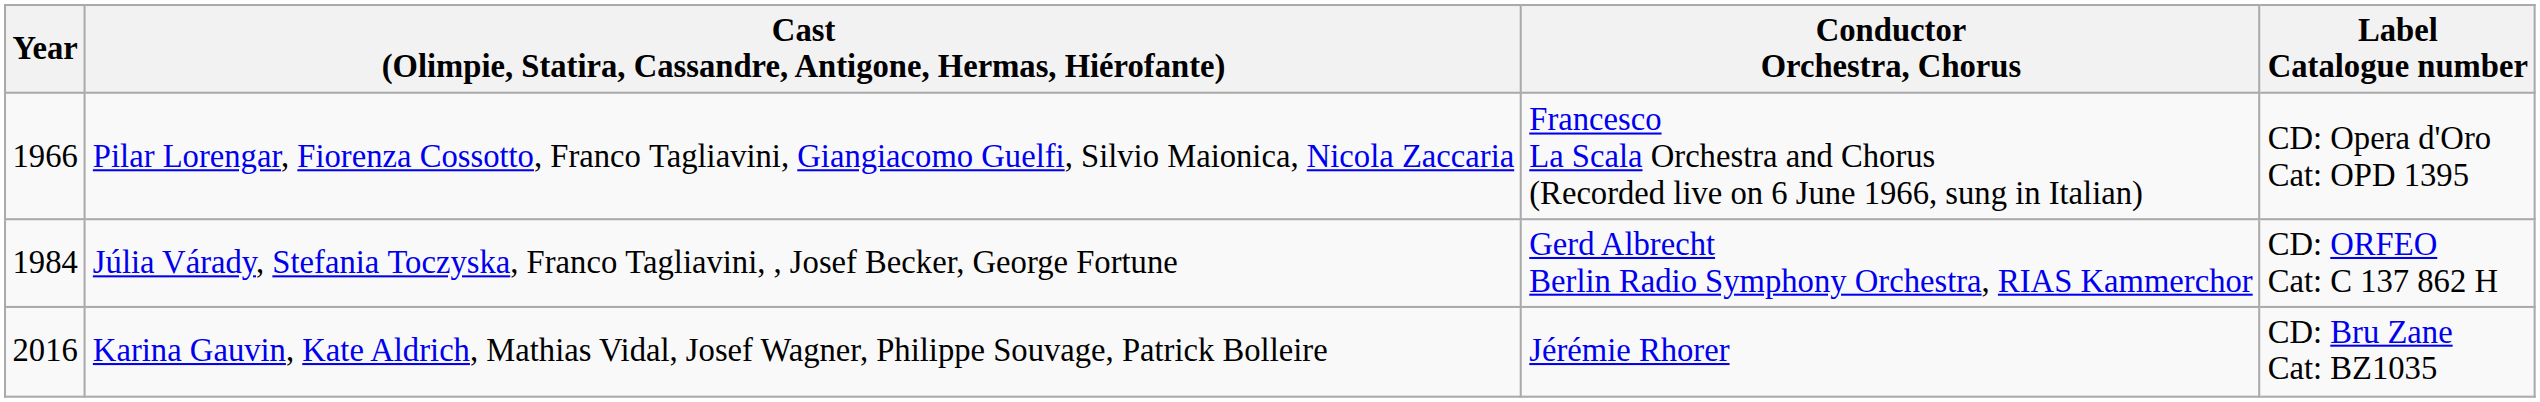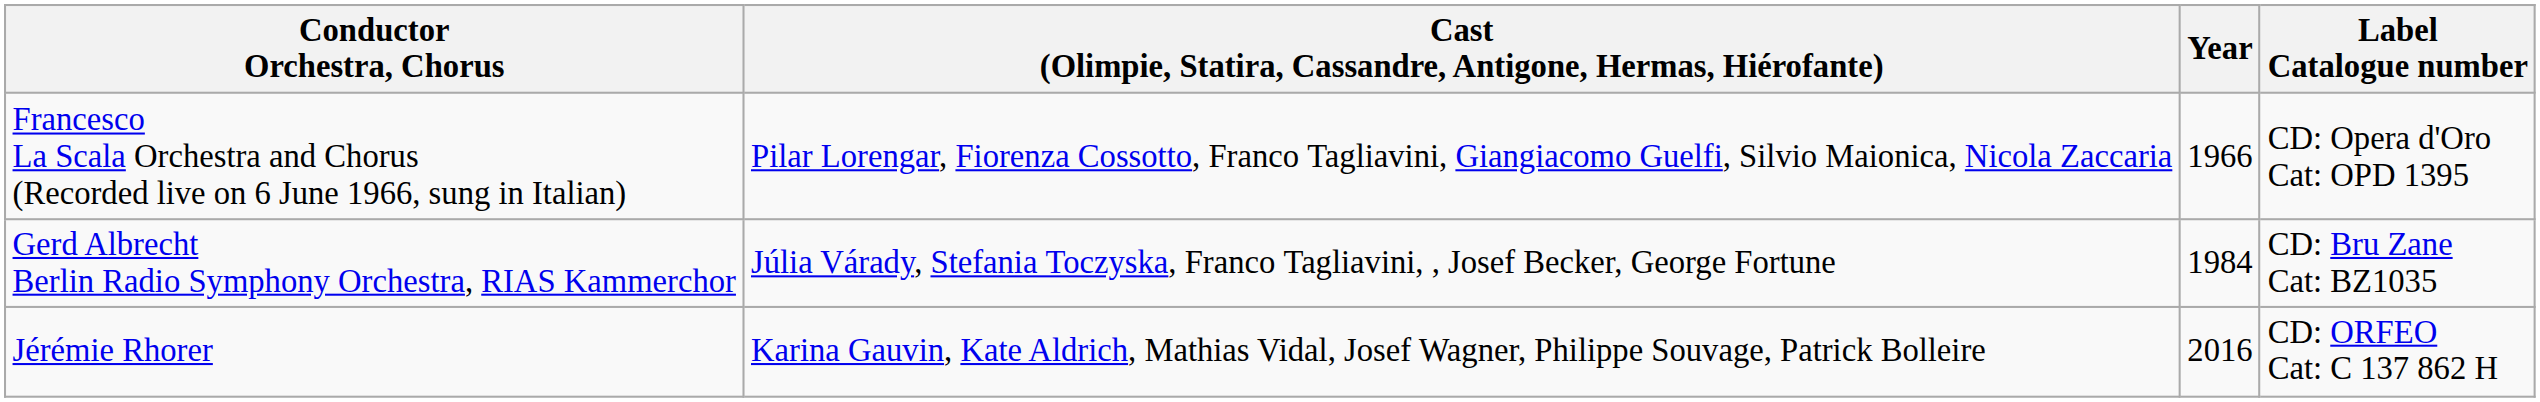 <table class="wikitable">
 <tr>
+<th>Conductor<br>Orchestra, Chorus</th>
+<th>Cast<br>(Olimpie, Statira, Cassandre, Antigone, Hermas, Hiérofante)</th>
 <th>Year</th>
-<th>Cast<br>(Olimpie, Statira, Cassandre, Antigone, Hermas, Hiérofante)</th>
-<th>Conductor<br>Orchestra, Chorus</th>
 <th>Label<br>Catalogue number</th>
 </tr>
 <tr>
+<td><a href='#'>Francesco </a><br><a href='#'>La Scala</a> Orchestra and Chorus<br>(Recorded live on 6 June 1966, sung in Italian)</td>
+<td><a href='#'>Pilar Lorengar</a>, <a href='#'>Fiorenza&nbsp;Cossotto</a>, Franco Tagliavini, <a href='#'>Giangiacomo Guelfi</a>, Silvio Maionica, <a href='#'>Nicola&nbsp;Zaccaria</a></td>
 <td>1966</td>
-<td><a href='#'>Pilar Lorengar</a>, <a href='#'>Fiorenza&nbsp;Cossotto</a>, Franco Tagliavini, <a href='#'>Giangiacomo Guelfi</a>, Silvio Maionica, <a href='#'>Nicola&nbsp;Zaccaria</a></td>
-<td><a href='#'>Francesco </a><br><a href='#'>La Scala</a> Orchestra and Chorus<br>(Recorded live on 6 June 1966, sung in Italian)</td>
 <td>CD: Opera d'Oro<br>Cat: OPD 1395</td>
 </tr>
 <tr>
+<td><a href='#'>Gerd Albrecht</a><br><a href='#'>Berlin Radio Symphony Orchestra</a>, <a href='#'>RIAS&nbsp;Kammerchor</a></td>
+<td><a href='#'>Júlia Várady</a>, <a href='#'>Stefania&nbsp;Toczyska</a>, Franco Tagliavini, , Josef Becker, George Fortune</td>
 <td>1984</td>
-<td><a href='#'>Júlia Várady</a>, <a href='#'>Stefania&nbsp;Toczyska</a>, Franco Tagliavini, , Josef Becker, George Fortune</td>
-<td><a href='#'>Gerd Albrecht</a><br><a href='#'>Berlin Radio Symphony Orchestra</a>, <a href='#'>RIAS&nbsp;Kammerchor</a></td>
+<td>CD: <a href='#'>Bru Zane</a><br>Cat: BZ1035</td>
+</tr>
+<tr>
+<td><a href='#'>Jérémie Rhorer</a></td>
+<td><a href='#'>Karina Gauvin</a>, <a href='#'>Kate Aldrich</a>, Mathias Vidal, Josef Wagner, Philippe Souvage, Patrick Bolleire</td>
+<td>2016</td>
 <td>CD: <a href='#'>ORFEO</a><br>Cat: C 137 862 H</td>
 </tr>
-<tr>
-<td>2016</td>
-<td><a href='#'>Karina Gauvin</a>, <a href='#'>Kate Aldrich</a>, Mathias Vidal, Josef Wagner, Philippe Souvage, Patrick Bolleire</td>
-<td><a href='#'>Jérémie Rhorer</a></td>
-<td>CD: <a href='#'>Bru Zane</a><br>Cat: BZ1035</td>
-</tr>
 </table>
